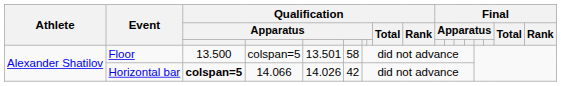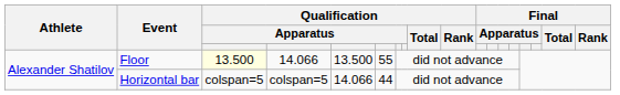 <table class="wikitable" style="font-size:90%">
 <tr>
 <th rowspan=3>Athlete</th>
 <th rowspan=3>Event</th>
 <th colspan =8>Qualification</th>
 <th colspan =8>Final</th>
 </tr>
 <tr style="font-size:95%">
 <th colspan=6>Apparatus</th>
 <th rowspan=2>Total</th>
 <th rowspan=2>Rank</th>
 <th colspan=6>Apparatus</th>
 <th rowspan=2>Total</th>
 <th rowspan=2>Rank</th>
 </tr>
 <tr style="font-size:95%">
 <th></th>
 <th></th>
 <th></th>
 <th></th>
 <th></th>
 <th></th>
 <th></th>
 <th></th>
 <th></th>
 <th></th>
 <th></th>
 <th></th>
 </tr>
 <tr align=center>
 <td style="text-align:left;" rowspan="2"><a href='#'>Alexander Shatilov</a></td>
 <td align=left><a href='#'>Floor</a></td>
+<td style="background: lightyellow;">13.500</td>
+<td>14.066</td>
 <td>13.500</td>
-<td>colspan=5 </td>
-<td>13.501</td>
-<td>58</td>
+<td>55</td>
 <td colspan=8>did not advance</td>
 </tr>
 <tr align=center>
 <td align=left><a href='#'>Horizontal bar</a></td>
-<td><strong>colspan=5 </strong></td>
+<td>colspan=5 </td>
+<td>colspan=5 </td>
 <td>14.066</td>
-<td>14.026</td>
-<td>42</td>
+<td>44</td>
 <td colspan=8>did not advance</td>
 </tr>
 </table>
